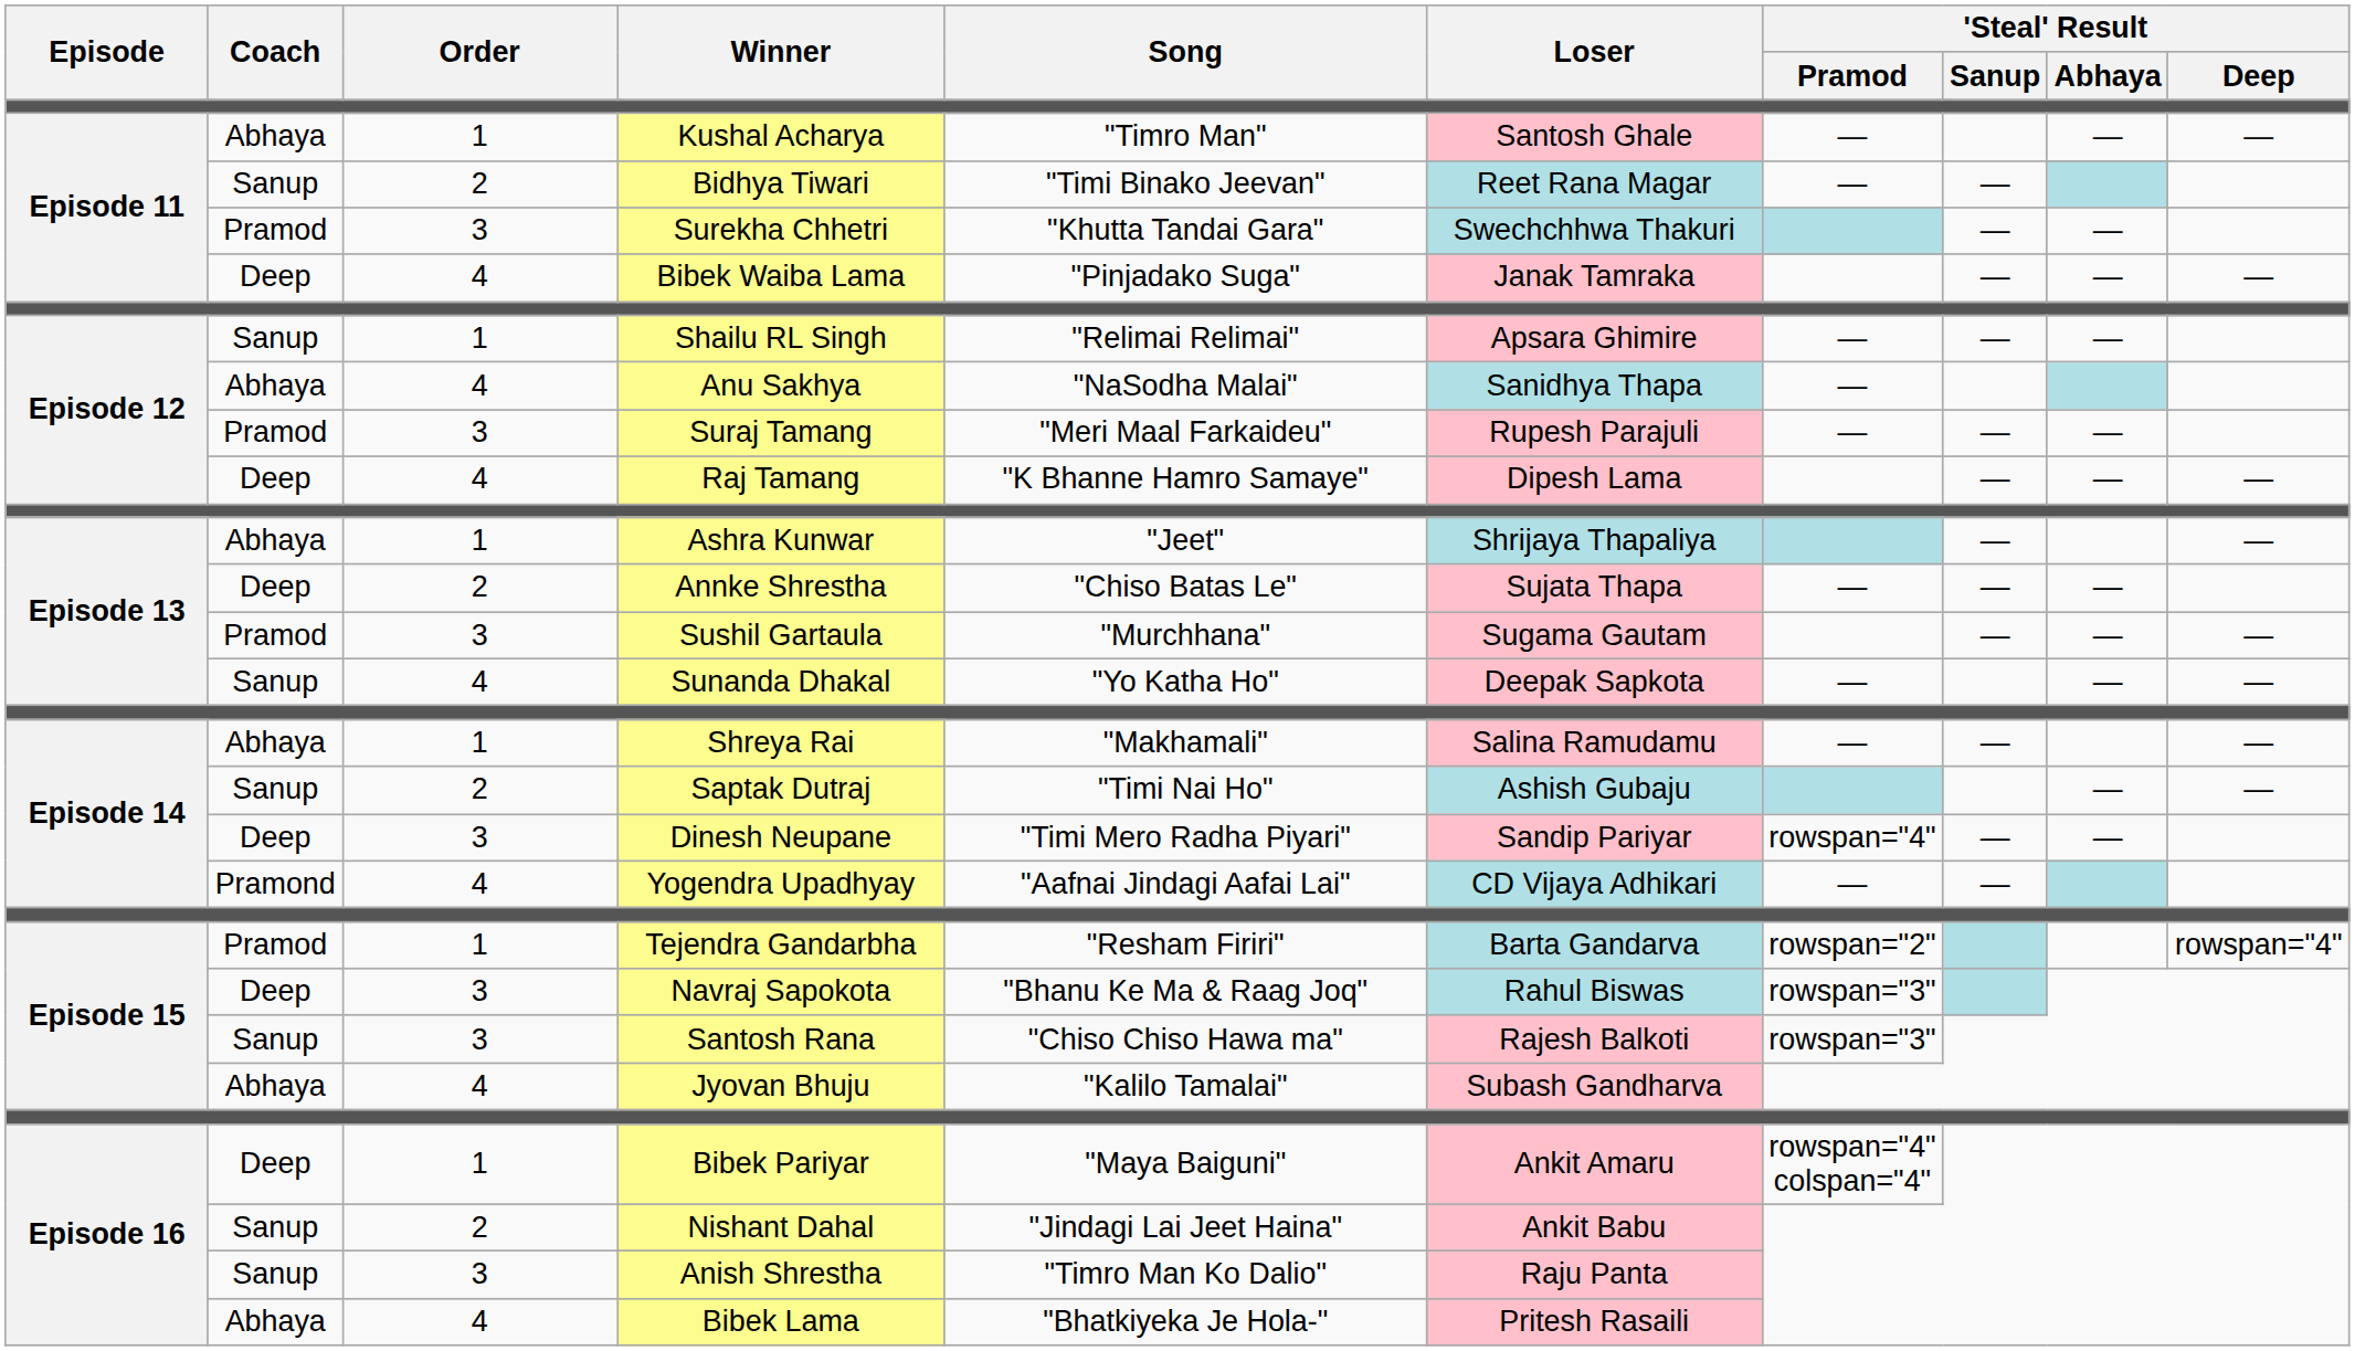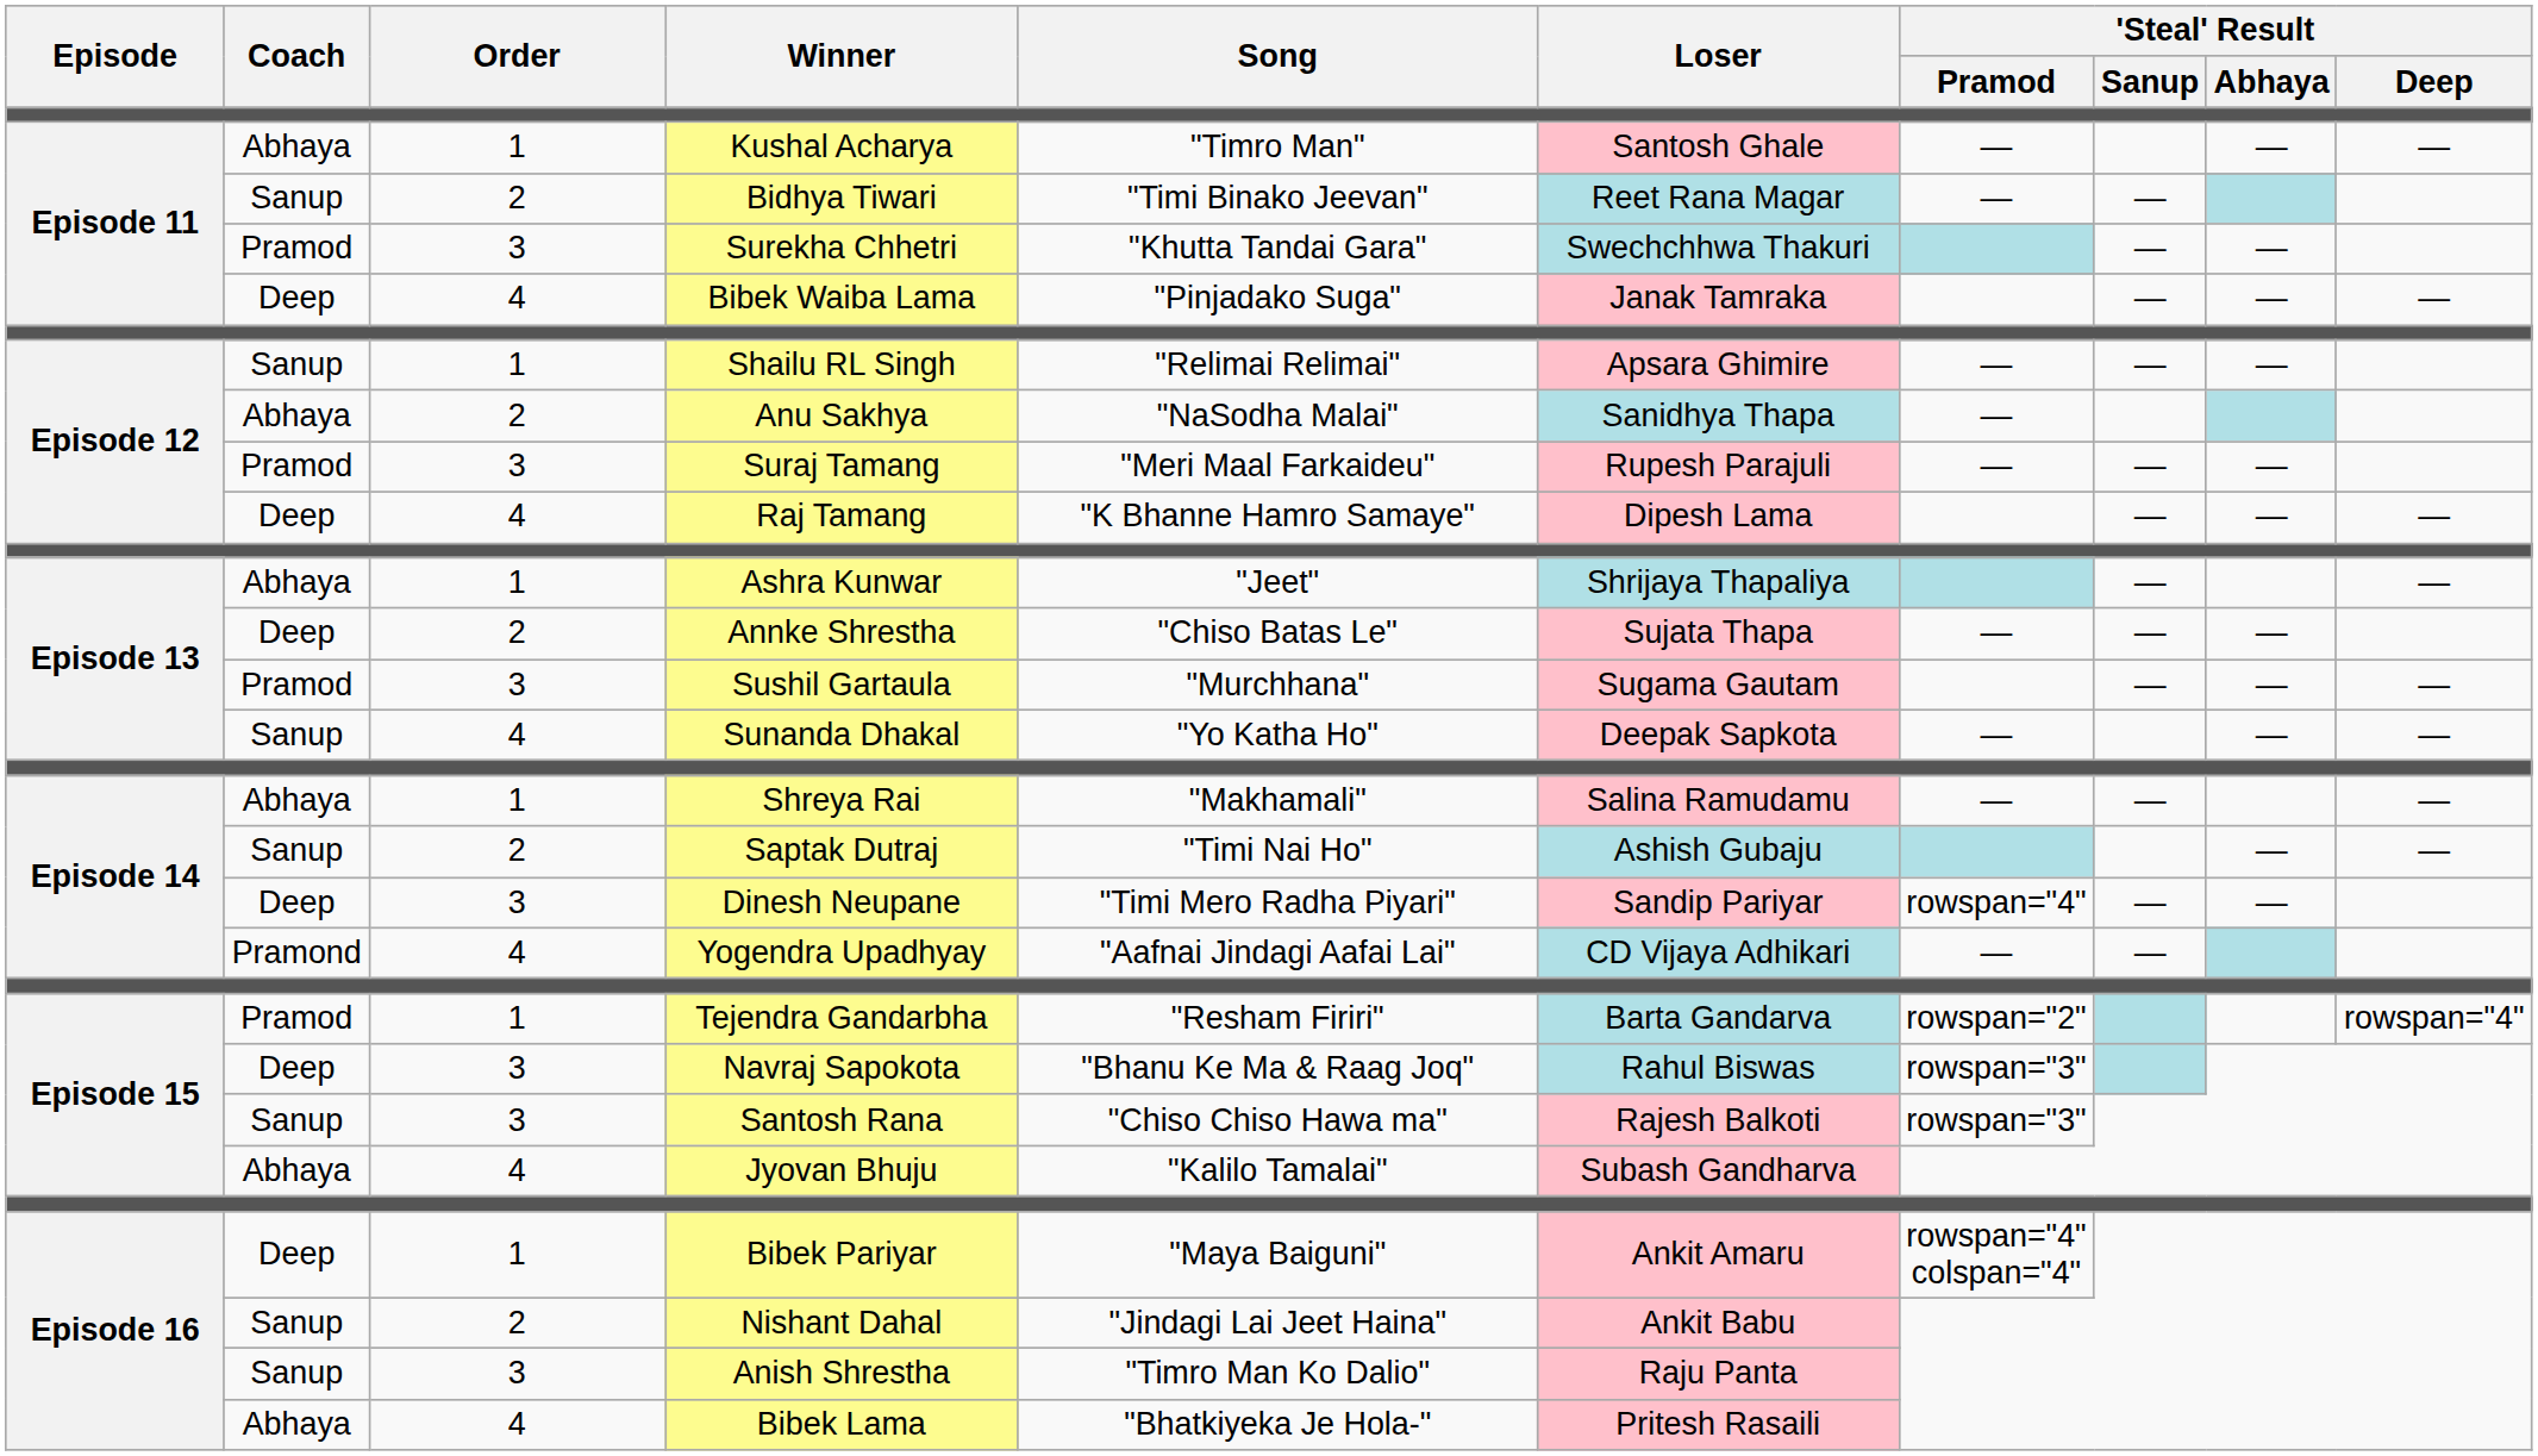 <table class="wikitable" style="text-align: center; width:100%;">
 <tr>
 <th rowspan="2" style="width:10%;">Episode</th>
 <th rowspan="2" style="width:05%;">Coach</th>
 <th rowspan="2" style="width:15%;">Order</th>
 <th rowspan="2" style="width:17%;">Winner</th>
 <th rowspan="2" style="width:26%;">Song</th>
 <th rowspan="2" style="width:17%;">Loser</th>
 <th colspan="5">'Steal' Result</th>
 </tr>
 <tr>
 <th style="width:04%;">Pramod</th>
 <th style="width:04%;">Sanup</th>
 <th style="width:04%;">Abhaya</th>
 <th style="width:04%;">Deep</th>
 </tr>
 <tr>
 <td colspan="11" style="background:#555;"></td>
 </tr>
 <tr>
 <th rowspan="4">Episode 11<br><small></small></th>
 <td>Abhaya</td>
 <td scope="row">1</td>
 <td style="background:#fdfc8f;text-align:center;">Kushal Acharya</td>
 <td>"Timro Man"</td>
 <td style="background:pink;text-align:center;">Santosh Ghale</td>
 <td>—</td>
 <td></td>
 <td>—</td>
 <td>—</td>
 </tr>
 <tr>
 <td>Sanup</td>
 <td scope="row">2</td>
 <td style="background:#fdfc8f;text-align:center;">Bidhya Tiwari</td>
 <td>"Timi Binako Jeevan"</td>
 <td style="background:#b0e0e6;text-align:center;">Reet Rana Magar</td>
 <td>—</td>
 <td>—</td>
 <td style="background:#b0e0e6;text-align:center;' "></td>
 <td></td>
 </tr>
 <tr>
 <td>Pramod</td>
 <td scope="row">3</td>
 <td style="background:#fdfc8f;text-align:center;">Surekha Chhetri</td>
 <td>"Khutta Tandai Gara"</td>
 <td style="background:#b0e0e6;text-align:center;">Swechchhwa Thakuri</td>
 <td style="background:#b0e0e6;text-align:center;"></td>
 <td>—</td>
 <td>—</td>
 <td></td>
 </tr>
 <tr>
 <td>Deep</td>
 <td scope="row">4</td>
 <td style="background:#fdfc8f;text-align:center;">Bibek Waiba Lama</td>
 <td>"Pinjadako Suga"</td>
 <td style="background:pink;text-align:center;">Janak Tamraka</td>
 <td></td>
 <td>—</td>
 <td>—</td>
 <td>—</td>
 </tr>
 <tr>
 <td colspan="11" style="background:#555;"></td>
 </tr>
 <tr>
 <th rowspan="4">Episode 12<br><small></small></th>
 <td>Sanup</td>
 <td scope="row">1</td>
 <td style="background:#fdfc8f;text-align:center;">Shailu RL Singh</td>
 <td>"Relimai Relimai"</td>
 <td style="background:pink;text-align:center;">Apsara Ghimire</td>
 <td>—</td>
 <td>—</td>
 <td>—</td>
 <td></td>
 </tr>
 <tr>
 <td>Abhaya</td>
-<td scope="row">4</td>
+<td scope="row">2</td>
 <td style="background:#fdfc8f;text-align:center;">Anu Sakhya</td>
 <td>"NaSodha Malai"</td>
 <td style="background:#b0e0e6;text-align:center;">Sanidhya Thapa</td>
 <td>—</td>
 <td></td>
 <td style="background:#b0e0e6;text-align:center;"><strong></strong></td>
 <td><strong></strong></td>
 </tr>
 <tr>
 <td>Pramod</td>
 <td scope="row">3</td>
 <td style="background:#fdfc8f;text-align:center;">Suraj Tamang</td>
 <td>"Meri Maal Farkaideu"</td>
 <td style="background:pink;text-align:center;">Rupesh Parajuli</td>
 <td>—</td>
 <td>—</td>
 <td>—</td>
 <td></td>
 </tr>
 <tr>
 <td>Deep</td>
 <td scope="row">4</td>
 <td style="background:#fdfc8f;text-align:center;">Raj Tamang</td>
 <td>"K Bhanne Hamro Samaye"</td>
 <td style="background:pink;text-align:center;">Dipesh Lama</td>
 <td></td>
 <td>—</td>
 <td>—</td>
 <td>—</td>
 </tr>
 <tr>
 <td colspan="11" style="background:#555;"></td>
 </tr>
 <tr>
 <th rowspan="4">Episode 13<br><small></small></th>
 <td>Abhaya</td>
 <td scope="row">1</td>
 <td style="background:#fdfc8f;text-align:center;">Ashra Kunwar</td>
 <td>"Jeet"</td>
 <td style="background:#b0e0e6;text-align:center;">Shrijaya Thapaliya</td>
 <td style="background:#b0e0e6;text-align:center;"></td>
 <td>—</td>
 <td></td>
 <td>—</td>
 </tr>
 <tr>
 <td>Deep</td>
 <td scope="row">2</td>
 <td style="background:#fdfc8f;text-align:center;">Annke Shrestha</td>
 <td>"Chiso Batas Le"</td>
 <td style="background:pink;text-align:center;">Sujata Thapa</td>
 <td>—</td>
 <td>—</td>
 <td>—</td>
 <td></td>
 </tr>
 <tr>
 <td>Pramod</td>
 <td scope="row">3</td>
 <td style="background:#fdfc8f;text-align:center;">Sushil Gartaula</td>
 <td>"Murchhana"</td>
 <td style="background:pink;text-align:center;">Sugama Gautam</td>
 <td></td>
 <td>—</td>
 <td>—</td>
 <td>—</td>
 </tr>
 <tr>
 <td>Sanup</td>
 <td scope="row">4</td>
 <td style="background:#fdfc8f;text-align:center;">Sunanda Dhakal</td>
 <td>"Yo Katha Ho"</td>
 <td style="background:pink;text-align:center;">Deepak Sapkota</td>
 <td>—</td>
 <td></td>
 <td>—</td>
 <td>—</td>
 </tr>
 <tr>
 <td colspan="11" style="background:#555;"></td>
 </tr>
 <tr>
 <th rowspan="4">Episode 14<br><small></small></th>
 <td>Abhaya</td>
 <td scope="row">1</td>
 <td style="background:#fdfc8f;text-align:center;">Shreya Rai</td>
 <td>"Makhamali"</td>
 <td style="background:pink;text-align:center;">Salina Ramudamu</td>
 <td>—</td>
 <td>—</td>
 <td></td>
 <td>—</td>
 </tr>
 <tr>
 <td>Sanup</td>
 <td scope="row">2</td>
 <td style="background:#fdfc8f;text-align:center;">Saptak Dutraj</td>
 <td>"Timi Nai Ho"</td>
 <td style="background:#b0e0e6;text-align:center;">Ashish Gubaju</td>
 <td style="background:#b0e0e6;text-align:center;"></td>
 <td></td>
 <td>—</td>
 <td>—</td>
 </tr>
 <tr>
 <td>Deep</td>
 <td scope="row">3</td>
 <td style="background:#fdfc8f;text-align:center;">Dinesh Neupane</td>
 <td>"Timi Mero Radha Piyari"</td>
 <td style="background:pink;text-align:center;">Sandip Pariyar</td>
 <td>rowspan="4" </td>
 <td>—</td>
 <td>—</td>
 <td></td>
 </tr>
 <tr>
 <td>Pramond</td>
 <td scope="row">4</td>
 <td style="background:#fdfc8f;text-align:center;">Yogendra Upadhyay</td>
 <td>"Aafnai Jindagi Aafai Lai"</td>
 <td style="background:#b0e0e6;text-align:center;">CD Vijaya Adhikari</td>
 <td>—</td>
 <td>—</td>
 <td style="background:#b0e0e6;text-align:center;"></td>
 </tr>
 <tr>
 <td colspan="11" style="background:#555;"></td>
 </tr>
 <tr>
 <th rowspan="4">Episode 15<br><small></small></th>
 <td>Pramod</td>
 <td scope="row">1</td>
 <td style="background:#fdfc8f;text-align:center;">Tejendra Gandarbha</td>
 <td>"Resham Firiri"</td>
 <td style="background:#b0e0e6;text-align:center;">Barta Gandarva</td>
 <td>rowspan="2" </td>
 <td style="background:#b0e0e6;text-align:center;"><strong></strong></td>
 <td><strong></strong></td>
 <td>rowspan="4" </td>
 </tr>
 <tr>
 <td>Deep</td>
 <td scope="row">3</td>
 <td style="background:#fdfc8f;text-align:center;">Navraj Sapokota</td>
 <td>"Bhanu Ke Ma & Raag Joq"</td>
 <td style="background:#b0e0e6;text-align:center;">Rahul Biswas</td>
 <td>rowspan="3" </td>
 <td style="background:#b0e0e6;text-align:center;"><strong></strong></td>
 </tr>
 <tr>
 <td>Sanup</td>
 <td scope="row">3</td>
 <td style="background:#fdfc8f;text-align:center;">Santosh Rana</td>
 <td>"Chiso Chiso Hawa ma"</td>
 <td style="background:pink;text-align:center;">Rajesh Balkoti</td>
 <td>rowspan="3" </td>
 </tr>
 <tr>
 <td>Abhaya</td>
 <td scope="row">4</td>
 <td style="background:#fdfc8f;text-align:center;">Jyovan Bhuju</td>
 <td>"Kalilo Tamalai"</td>
 <td style="background:pink;text-align:center;">Subash Gandharva</td>
 </tr>
 <tr>
 <td colspan="11" style="background:#555;"></td>
 </tr>
 <tr>
 <th rowspan="4">Episode 16<br><small></small></th>
 <td>Deep</td>
 <td scope="row">1</td>
 <td style="background:#fdfc8f;text-align:center;">Bibek Pariyar</td>
 <td>"Maya Baiguni"</td>
 <td style="background:pink;text-align:center;">Ankit Amaru</td>
 <td>rowspan="4" colspan="4" </td>
 </tr>
 <tr>
 <td>Sanup</td>
 <td scope="row">2</td>
 <td style="background:#fdfc8f;text-align:center;">Nishant Dahal</td>
 <td>"Jindagi Lai Jeet Haina"</td>
 <td style="background:pink;text-align:center;">Ankit Babu</td>
 </tr>
 <tr>
 <td>Sanup</td>
 <td scope="row">3</td>
 <td style="background:#fdfc8f;text-align:center;">Anish Shrestha</td>
 <td>"Timro Man Ko Dalio"</td>
 <td style="background:pink;text-align:center;">Raju Panta</td>
 </tr>
 <tr>
 <td>Abhaya</td>
 <td scope="row">4</td>
 <td style="background:#fdfc8f;text-align:center;">Bibek Lama</td>
 <td>"Bhatkiyeka Je Hola-"</td>
 <td style="background:pink;text-align:center;">Pritesh Rasaili</td>
 </tr>
 </table>
